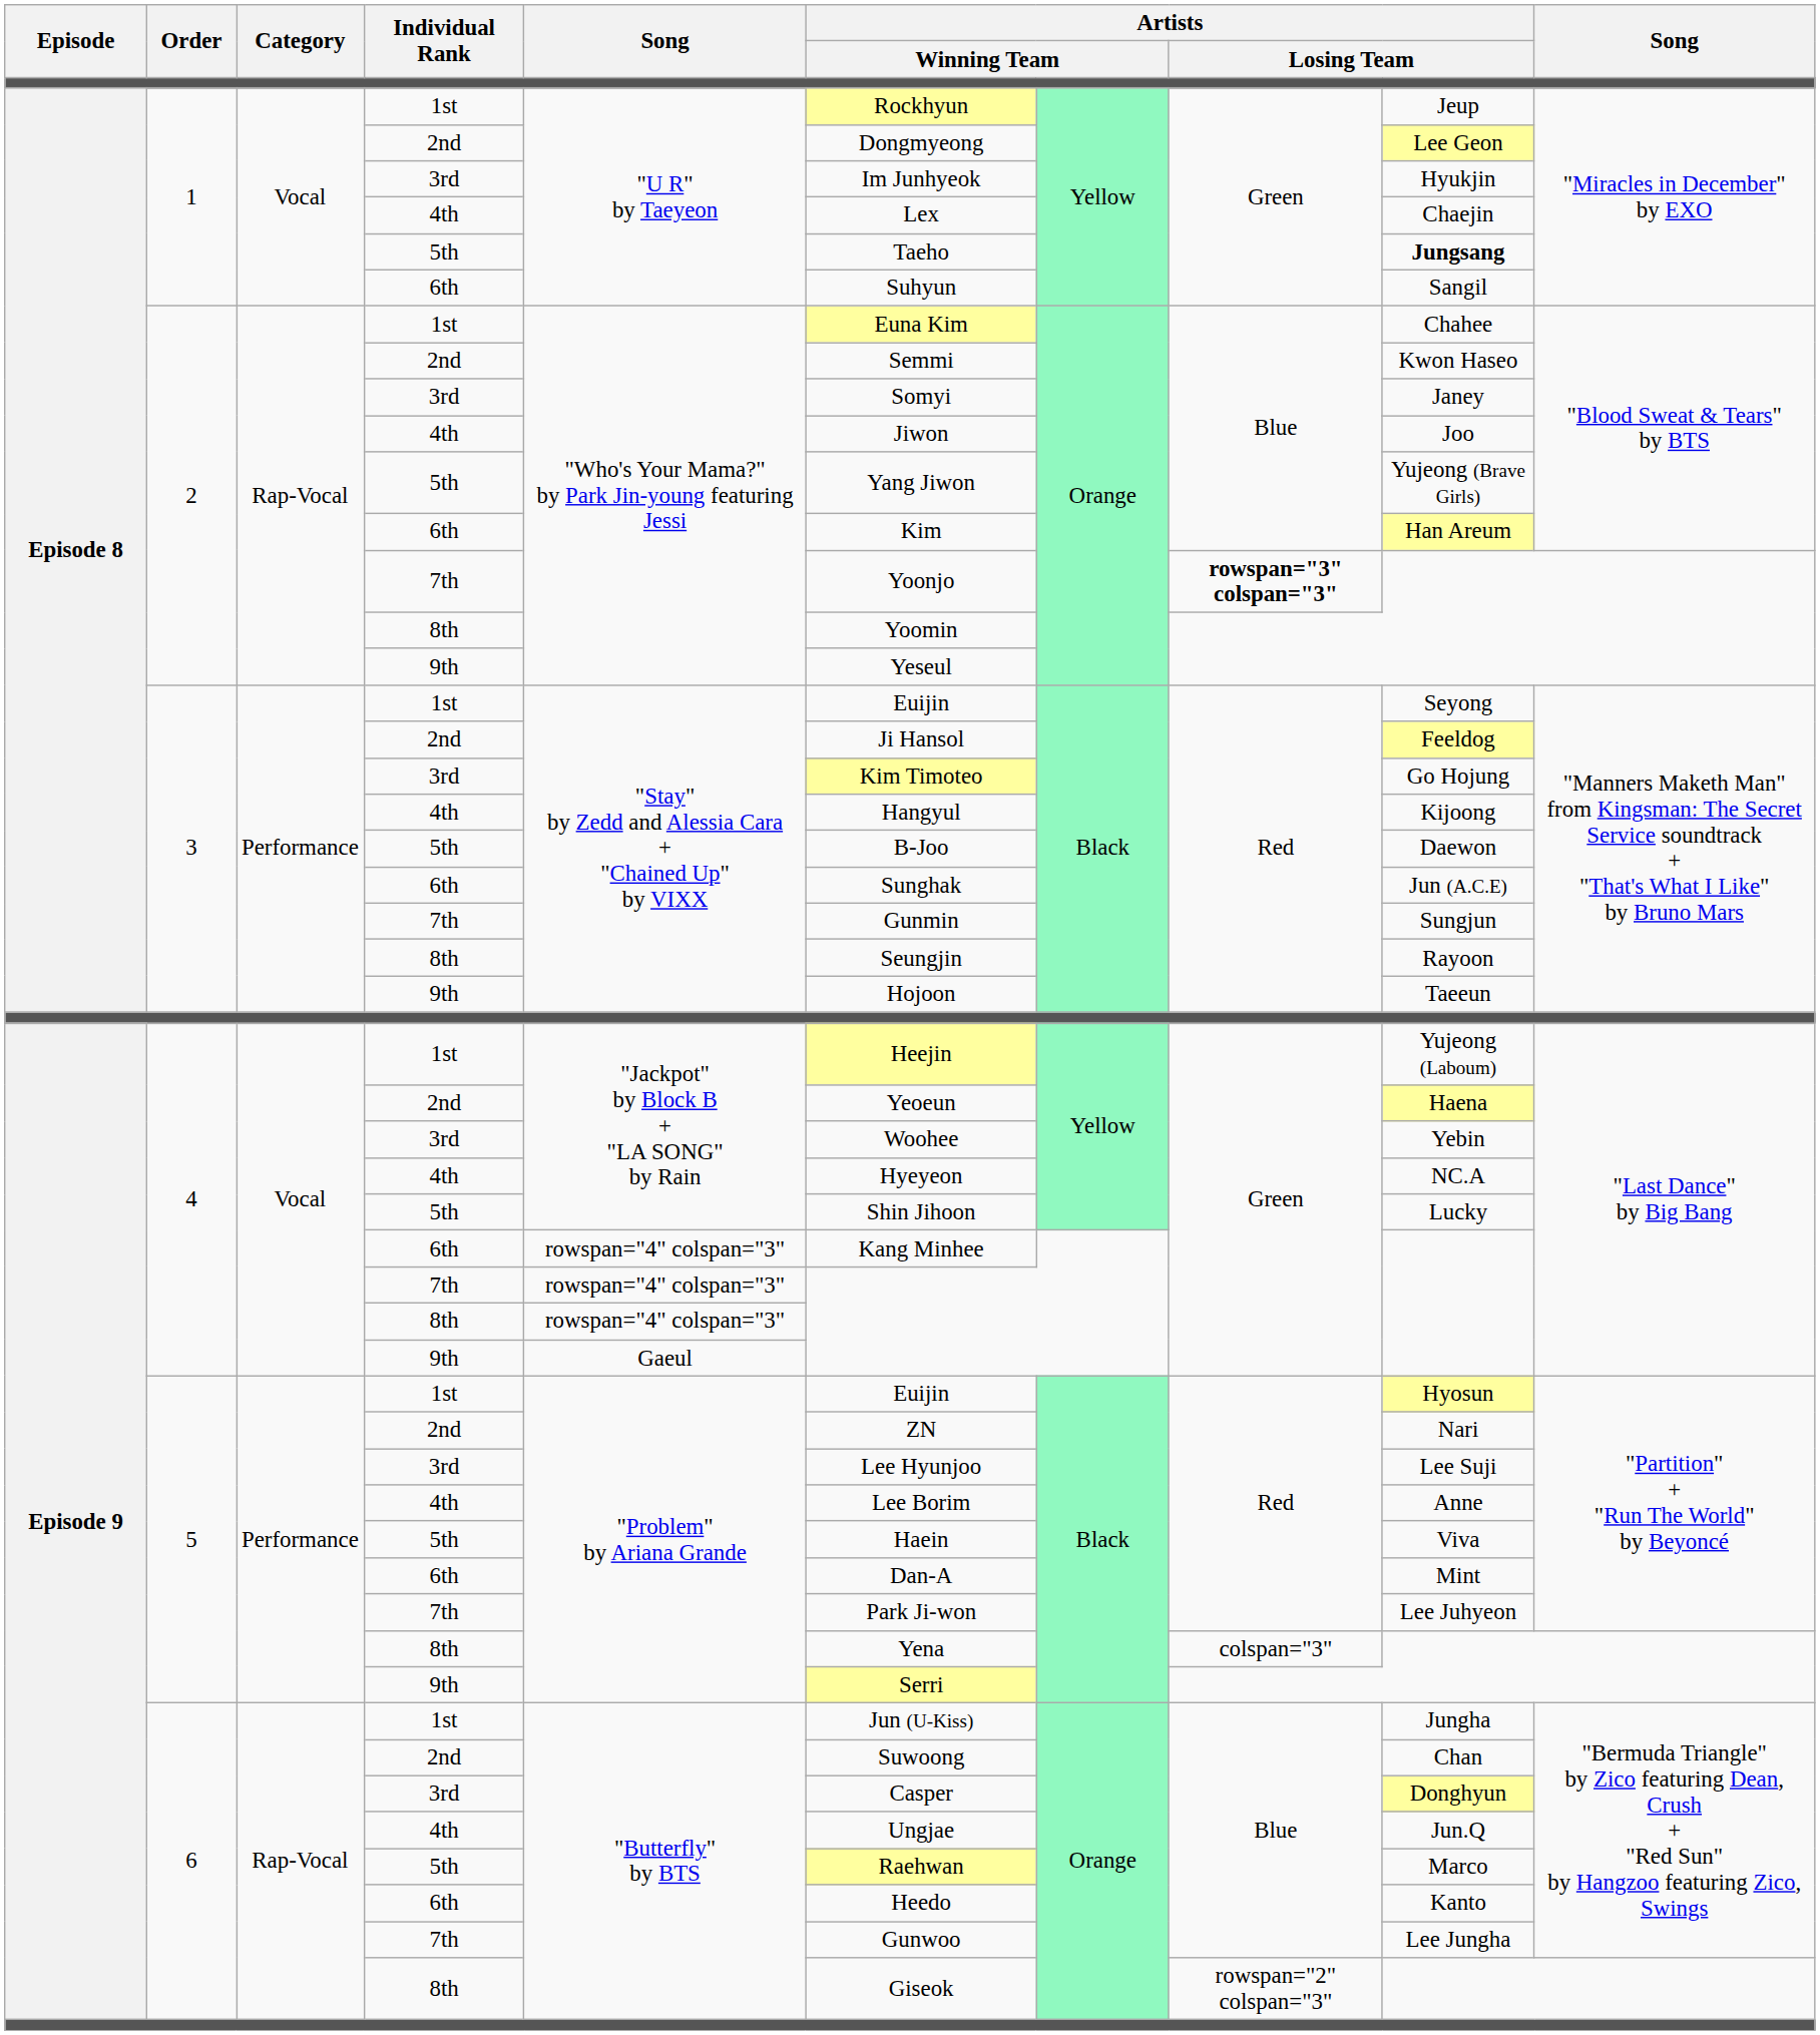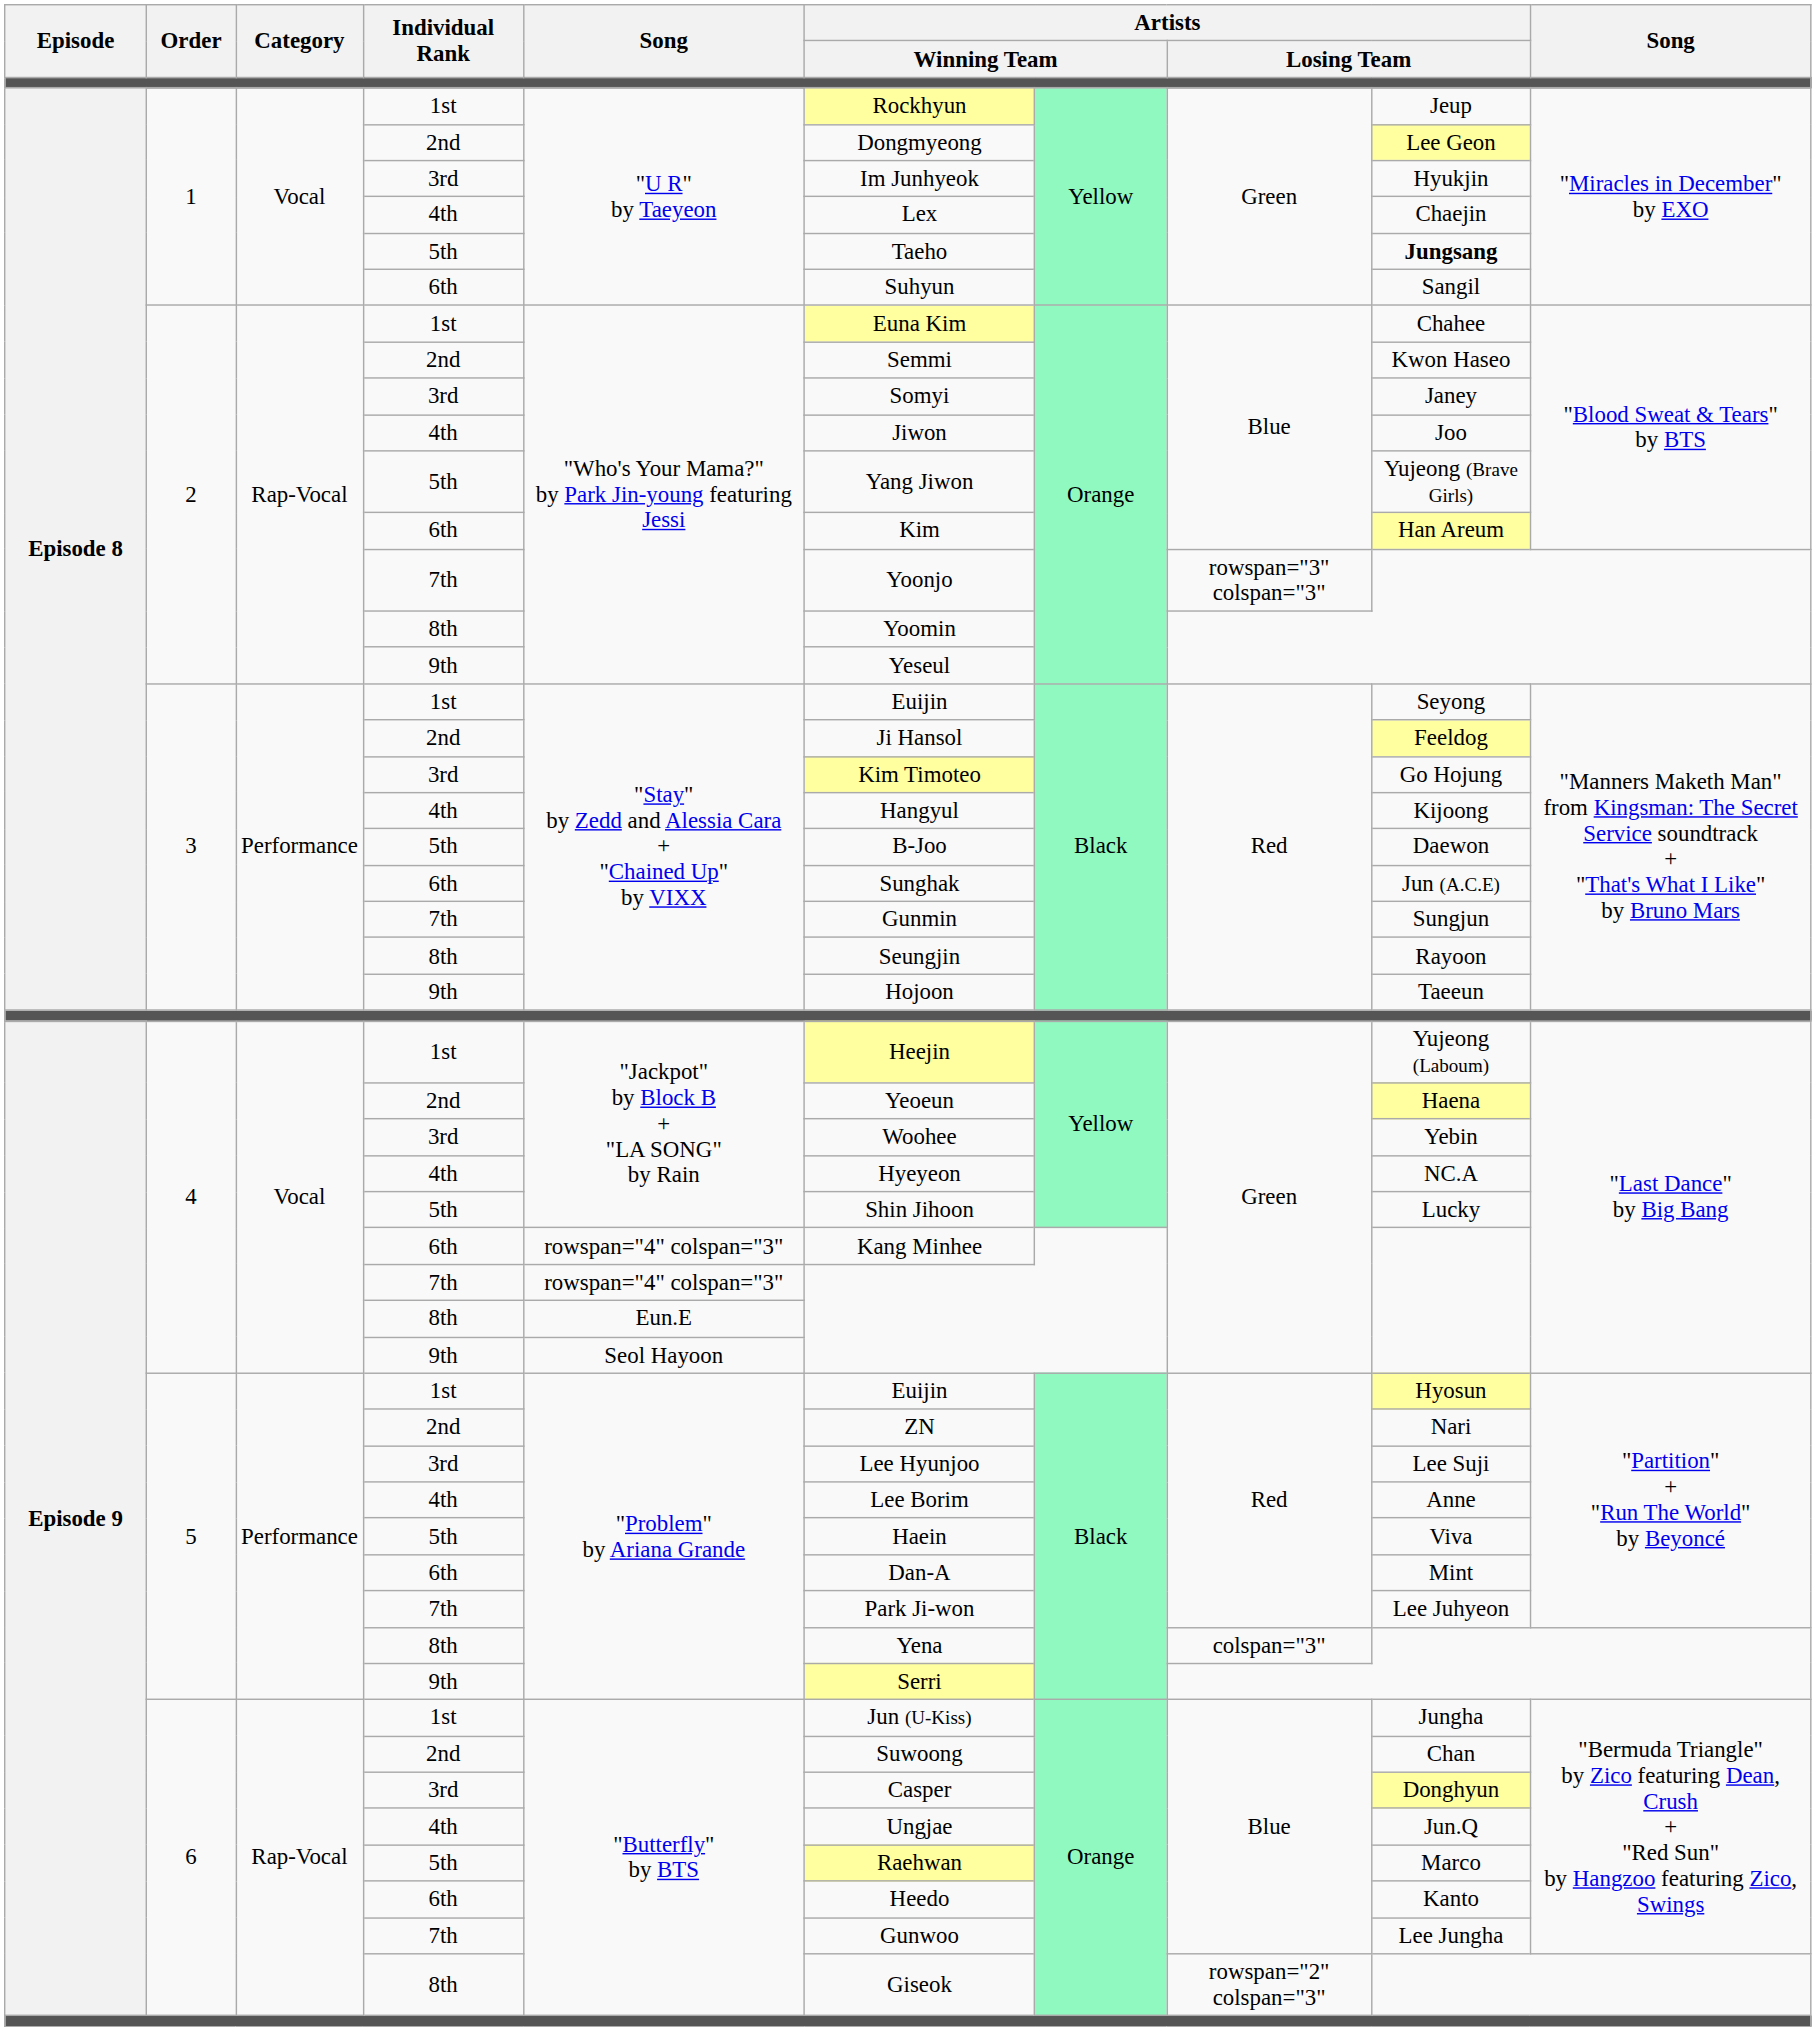 <table class="wikitable" style="text-align: center; width:100%;">
 <tr>
 <th rowspan="2" style="width:08%;">Episode</th>
 <th rowspan="2" style="width:05%;">Order</th>
 <th rowspan="2" style="width:05%;">Category</th>
 <th rowspan="2" style="width:09%;">Individual Rank</th>
 <th rowspan="2" style="width:16%;">Song</th>
 <th colspan="4" style="width:41%;">Artists</th>
 <th rowspan="2" style="width:16%;">Song</th>
 </tr>
 <tr>
 <th colspan="2" style="width:20.5%;">Winning Team</th>
 <th colspan="2" style="width:20.5%;">Losing Team</th>
 </tr>
 <tr>
 <td colspan="10" style="background:#555;"></td>
 </tr>
 <tr>
 <th rowspan="24">Episode 8 <br><small></small></th>
 <td rowspan="6">1</td>
 <td rowspan="6">Vocal<br><small></small></td>
 <td>1st</td>
 <td rowspan="6">"<a href='#'>U R</a>"<br>by <a href='#'>Taeyeon</a></td>
 <td style="background:#FFFF9F;">Rockhyun</td>
 <td rowspan="6" style="background:#90F9C0;">Yellow <br><small></small></td>
 <td rowspan="6">Green <br><small></small></td>
 <td>Jeup</td>
 <td rowspan="6">"<a href='#'>Miracles in December</a>"<br>by <a href='#'>EXO</a></td>
 </tr>
 <tr>
 <td>2nd</td>
 <td>Dongmyeong</td>
 <td style="background:#FFFF9F;">Lee Geon</td>
 </tr>
 <tr>
 <td>3rd</td>
 <td>Im Junhyeok</td>
 <td>Hyukjin</td>
 </tr>
 <tr>
 <td>4th</td>
 <td>Lex</td>
 <td>Chaejin</td>
 </tr>
 <tr>
 <td>5th</td>
 <td>Taeho</td>
 <td><strong>Jungsang</strong></td>
 </tr>
 <tr>
 <td>6th</td>
 <td>Suhyun</td>
 <td>Sangil</td>
 </tr>
 <tr>
 <td rowspan="9">2</td>
 <td rowspan="9">Rap-Vocal<br><small></small></td>
 <td>1st</td>
 <td rowspan="9">"Who's Your Mama?"<br>by <a href='#'>Park Jin-young</a> featuring <a href='#'>Jessi</a></td>
 <td style="background:#FFFF9F;">Euna Kim</td>
 <td rowspan="9" style="background:#90F9C0;">Orange <br><small></small></td>
 <td rowspan="6">Blue <br><small></small></td>
 <td>Chahee</td>
 <td rowspan="6">"<a href='#'>Blood Sweat & Tears</a>"<br>by <a href='#'>BTS</a></td>
 </tr>
 <tr>
 <td>2nd</td>
 <td>Semmi</td>
 <td>Kwon Haseo</td>
 </tr>
 <tr>
 <td>3rd</td>
 <td>Somyi</td>
 <td>Janey</td>
 </tr>
 <tr>
 <td>4th</td>
 <td>Jiwon</td>
 <td>Joo</td>
 </tr>
 <tr>
 <td>5th</td>
 <td>Yang Jiwon</td>
 <td>Yujeong <small>(Brave Girls)</small></td>
 </tr>
 <tr>
 <td>6th</td>
 <td>Kim</td>
 <td style="background:#FFFF9F;">Han Areum</td>
 </tr>
 <tr>
 <td>7th</td>
 <td>Yoonjo</td>
-<td><strong>rowspan="3" colspan="3" </strong></td>
+<td>rowspan="3" colspan="3" </td>
 </tr>
 <tr>
 <td>8th</td>
 <td>Yoomin</td>
 </tr>
 <tr>
 <td>9th</td>
 <td>Yeseul</td>
 </tr>
 <tr>
 <td rowspan="9">3</td>
 <td rowspan="9">Performance<br><small></small></td>
 <td>1st</td>
 <td rowspan="9">"<a href='#'>Stay</a>"<br>by <a href='#'>Zedd</a> and <a href='#'>Alessia Cara</a><br>+<br>"<a href='#'>Chained Up</a>"<br>by <a href='#'>VIXX</a></td>
 <td>Euijin</td>
 <td rowspan="9" style="background:#90F9C0;">Black <br><small></small></td>
 <td rowspan="9">Red <br><small></small></td>
 <td>Seyong</td>
 <td rowspan="9">"Manners Maketh Man"<br>from <a href='#'>Kingsman: The Secret Service</a> soundtrack<br>+<br>"<a href='#'>That's What I Like</a>"<br>by <a href='#'>Bruno Mars</a></td>
 </tr>
 <tr>
 <td>2nd</td>
 <td>Ji Hansol</td>
 <td style="background:#FFFF9F;">Feeldog</td>
 </tr>
 <tr>
 <td>3rd</td>
 <td style="background:#FFFF9F;">Kim Timoteo</td>
 <td>Go Hojung</td>
 </tr>
 <tr>
 <td>4th</td>
 <td>Hangyul</td>
 <td>Kijoong</td>
 </tr>
 <tr>
 <td>5th</td>
 <td>B-Joo</td>
 <td>Daewon</td>
 </tr>
 <tr>
 <td>6th</td>
 <td>Sunghak</td>
 <td>Jun <small>(A.C.E)</small></td>
 </tr>
 <tr>
 <td>7th</td>
 <td>Gunmin</td>
 <td>Sungjun</td>
 </tr>
 <tr>
 <td>8th</td>
 <td>Seungjin</td>
 <td>Rayoon</td>
 </tr>
 <tr>
 <td>9th</td>
 <td>Hojoon</td>
 <td>Taeeun</td>
 </tr>
 <tr>
 <td colspan="10" style="background:#555;"></td>
 </tr>
 <tr>
 <th rowspan="26">Episode 9 <br><small></small></th>
 <td rowspan="9">4</td>
 <td rowspan="9">Vocal<br><small></small></td>
 <td>1st</td>
 <td rowspan="5">"Jackpot"<br>by <a href='#'>Block B</a><br>+<br>"LA SONG" <br>by Rain</td>
 <td style="background:#FFFF9F;">Heejin</td>
 <td rowspan="5" style="background:#90F9C0;">Yellow <br><small></small></td>
 <td rowspan="9">Green <br><small></small></td>
 <td>Yujeong <small>(Laboum)</small></td>
 <td rowspan="9">"<a href='#'>Last Dance</a>"<br>by <a href='#'>Big Bang</a></td>
 </tr>
 <tr>
 <td>2nd</td>
 <td>Yeoeun</td>
 <td style="background:#FFFF9F;">Haena</td>
 </tr>
 <tr>
 <td>3rd</td>
 <td>Woohee</td>
 <td>Yebin</td>
 </tr>
 <tr>
 <td>4th</td>
 <td>Hyeyeon</td>
 <td>NC.A</td>
 </tr>
 <tr>
 <td>5th</td>
 <td>Shin Jihoon</td>
 <td>Lucky</td>
 </tr>
 <tr>
 <td>6th</td>
 <td>rowspan="4" colspan="3" </td>
 <td>Kang Minhee</td>
 </tr>
 <tr>
 <td>7th</td>
 <td>rowspan="4" colspan="3" </td>
 </tr>
 <tr>
 <td>8th</td>
-<td>rowspan="4" colspan="3" </td>
+<td>Eun.E</td>
 </tr>
 <tr>
 <td>9th</td>
-<td>Gaeul</td>
+<td>Seol Hayoon</td>
 </tr>
 <tr>
 <td rowspan="9">5</td>
 <td rowspan="9">Performance<br><small></small></td>
 <td>1st</td>
 <td rowspan="9">"<a href='#'>Problem</a>"<br>by <a href='#'>Ariana Grande</a></td>
 <td>Euijin</td>
 <td rowspan="9" style="background:#90F9C0;">Black <br><small></small></td>
 <td rowspan="7">Red <br><small></small></td>
 <td style="background:#FFFF9F;">Hyosun</td>
 <td rowspan="7">"<a href='#'>Partition</a>"<br>+<br>"<a href='#'>Run The World</a>"<br>by <a href='#'>Beyoncé</a></td>
 </tr>
 <tr>
 <td>2nd</td>
 <td>ZN</td>
 <td>Nari</td>
 </tr>
 <tr>
 <td>3rd</td>
 <td>Lee Hyunjoo</td>
 <td>Lee Suji</td>
 </tr>
 <tr>
 <td>4th</td>
 <td>Lee Borim</td>
 <td>Anne</td>
 </tr>
 <tr>
 <td>5th</td>
 <td>Haein</td>
 <td>Viva</td>
 </tr>
 <tr>
 <td>6th</td>
 <td>Dan-A</td>
 <td>Mint</td>
 </tr>
 <tr>
 <td>7th</td>
 <td>Park Ji-won</td>
 <td>Lee Juhyeon</td>
 </tr>
 <tr>
 <td>8th</td>
 <td>Yena</td>
 <td>colspan="3" </td>
 </tr>
 <tr>
 <td>9th</td>
 <td style="background:#FFFF9F;">Serri</td>
 </tr>
 <tr>
 <td rowspan="8">6</td>
 <td rowspan="8">Rap-Vocal<br><small></small></td>
 <td>1st</td>
 <td rowspan="8">"<a href='#'>Butterfly</a>"<br>by <a href='#'>BTS</a></td>
 <td>Jun <small>(U-Kiss)</small></td>
 <td rowspan="8" style="background:#90F9C0;">Orange <br><small></small></td>
 <td rowspan="7">Blue <br><small></small></td>
 <td>Jungha</td>
 <td rowspan="7">"Bermuda Triangle"<br>by <a href='#'>Zico</a> featuring <a href='#'>Dean</a>, <a href='#'>Crush</a><br>+<br>"Red Sun"<br>by <a href='#'>Hangzoo</a> featuring <a href='#'>Zico</a>, <a href='#'>Swings</a></td>
 </tr>
 <tr>
 <td>2nd</td>
 <td>Suwoong</td>
 <td>Chan</td>
 </tr>
 <tr>
 <td>3rd</td>
 <td>Casper</td>
 <td style="background:#FFFF9F;">Donghyun</td>
 </tr>
 <tr>
 <td>4th</td>
 <td>Ungjae</td>
 <td>Jun.Q</td>
 </tr>
 <tr>
 <td>5th</td>
 <td style="background:#FFFF9F;">Raehwan</td>
 <td>Marco</td>
 </tr>
 <tr>
 <td>6th</td>
 <td>Heedo</td>
 <td>Kanto</td>
 </tr>
 <tr>
 <td>7th</td>
 <td>Gunwoo</td>
 <td>Lee Jungha</td>
 </tr>
 <tr>
 <td>8th</td>
 <td>Giseok</td>
 <td>rowspan="2" colspan="3" </td>
 </tr>
 <tr>
 <td colspan="10" style="background:#555;"></td>
 </tr>
 </table>
